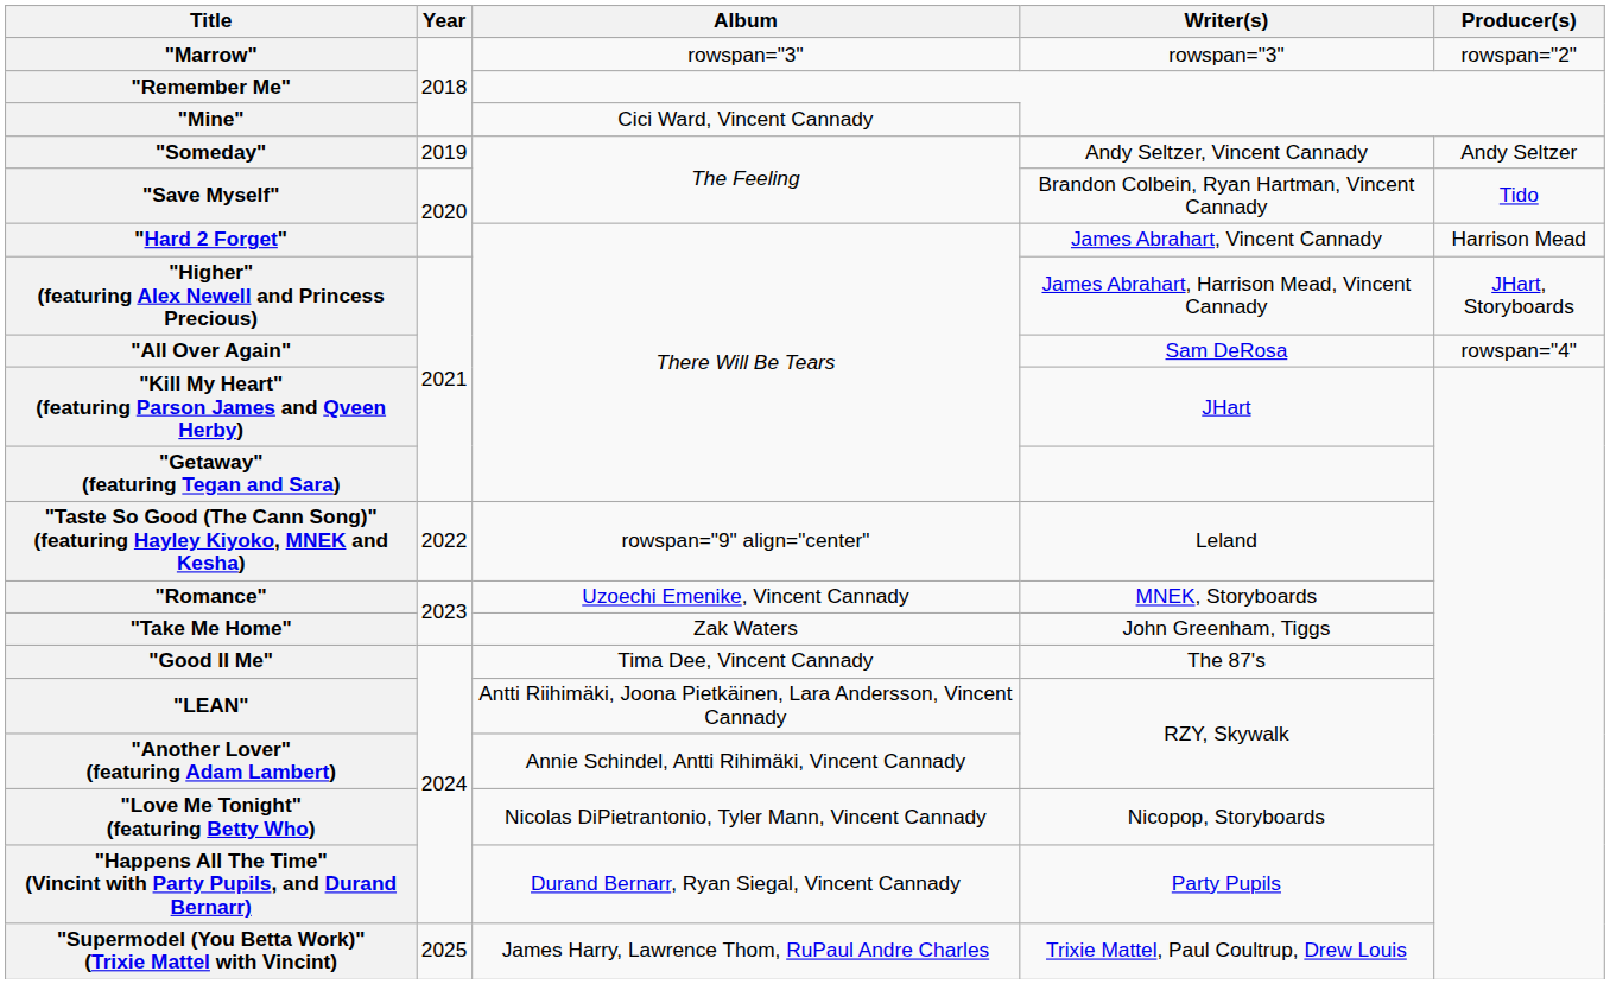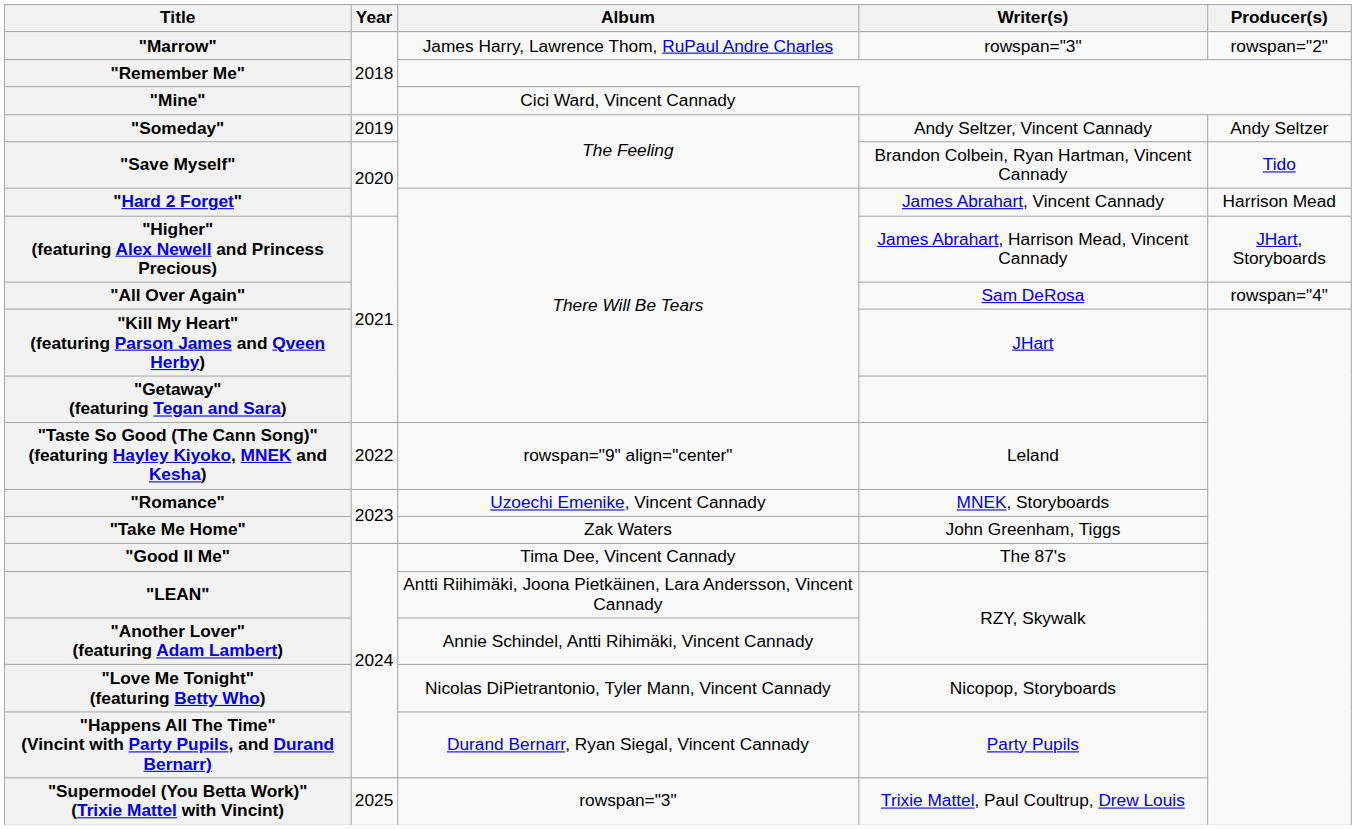 <table class="wikitable plainrowheaders" style="text-align:center;">
 <tr>
 <th scope="col">Title</th>
 <th scope="col">Year</th>
 <th scope="col">Album</th>
 <th>Writer(s)</th>
 <th>Producer(s)</th>
 </tr>
 <tr>
 <th scope="row">"Marrow"</th>
 <td rowspan="3">2018</td>
-<td>rowspan="3" </td>
+<td>James Harry, Lawrence Thom, <a href='#'>RuPaul Andre Charles</a></td>
 <td>rowspan="3" </td>
 <td>rowspan="2" </td>
 </tr>
 <tr>
 <th scope="row">"Remember Me"</th>
 </tr>
 <tr>
 <th scope="row">"Mine"</th>
 <td>Cici Ward, Vincent Cannady</td>
 </tr>
 <tr>
 <th scope="row">"Someday"</th>
 <td>2019</td>
 <td rowspan="2" align="center"><em>The Feeling</em></td>
 <td>Andy Seltzer, Vincent Cannady</td>
 <td>Andy Seltzer</td>
 </tr>
 <tr>
 <th scope="row">"Save Myself"</th>
 <td rowspan="2">2020</td>
 <td>Brandon Colbein, Ryan Hartman, Vincent Cannady</td>
 <td><a href='#'>Tido</a></td>
 </tr>
 <tr>
 <th scope="row">"<a href='#'>Hard 2 Forget</a>"</th>
 <td rowspan="5" align="center"><em>There Will Be Tears</em></td>
 <td><a href='#'>James Abrahart</a>, Vincent Cannady</td>
 <td>Harrison Mead</td>
 </tr>
 <tr>
 <th scope="row">"Higher"<br><span>(featuring <a href='#'>Alex Newell</a> and Princess Precious)</span></th>
 <td rowspan="4">2021</td>
 <td><a href='#'>James Abrahart</a>, Harrison Mead, Vincent Cannady</td>
 <td><a href='#'>JHart</a>, Storyboards</td>
 </tr>
 <tr>
 <th scope="row">"All Over Again"</th>
 <td><a href='#'>Sam DeRosa</a></td>
 <td>rowspan="4" </td>
 </tr>
 <tr>
 <th scope="row">"Kill My Heart"<br><span>(featuring <a href='#'>Parson James</a> and <a href='#'>Qveen Herby</a>)</span></th>
 <td><a href='#'>JHart</a></td>
 </tr>
 <tr>
 <th scope="row">"Getaway"<br><span>(featuring <a href='#'>Tegan and Sara</a>)</span></th>
 <td></td>
 </tr>
 <tr>
 <th scope="row">"Taste So Good (The Cann Song)"<br><span>(featuring <a href='#'>Hayley Kiyoko</a>, <a href='#'>MNEK</a> and <a href='#'>Kesha</a>)</span></th>
 <td>2022</td>
 <td>rowspan="9" align="center" </td>
 <td>Leland</td>
 </tr>
 <tr>
 <th scope="row">"Romance"<br><span></span></th>
 <td rowspan="2">2023</td>
 <td><a href='#'>Uzoechi Emenike</a>, Vincent Cannady</td>
 <td><a href='#'>MNEK</a>, Storyboards</td>
 </tr>
 <tr>
 <th scope="row">"Take Me Home"<br><span></span></th>
 <td>Zak Waters</td>
 <td>John Greenham, Tiggs</td>
 </tr>
 <tr>
 <th scope="row">"Good II Me"<br><span></span></th>
 <td rowspan="5">2024</td>
 <td>Tima Dee, Vincent Cannady</td>
 <td>The 87's</td>
 </tr>
 <tr>
 <th scope="row">"LEAN"<br><span></span></th>
 <td>Antti Riihimäki, Joona Pietkäinen, Lara Andersson, Vincent Cannady</td>
 <td rowspan="2">RZY, Skywalk</td>
 </tr>
 <tr>
 <th scope="row">"Another Lover"<br><span>(featuring <a href='#'>Adam Lambert</a>)</span></th>
 <td>Annie Schindel, Antti Rihimäki, Vincent Cannady</td>
 </tr>
 <tr>
 <th scope="row">"Love Me Tonight"<br><span>(featuring <a href='#'>Betty Who</a>)</span></th>
 <td>Nicolas DiPietrantonio, Tyler Mann, Vincent Cannady</td>
 <td>Nicopop, Storyboards</td>
 </tr>
 <tr>
 <th scope="row">"Happens All The Time"<br><span>(Vincint with <a href='#'>Party Pupils</a>, and <a href='#'>Durand Bernarr)</a></span></th>
 <td><a href='#'>Durand Bernarr</a>, Ryan Siegal, Vincent Cannady</td>
 <td><a href='#'>Party Pupils</a></td>
 </tr>
 <tr>
 <th scope="row">"Supermodel (You Betta Work)"<br><span>(<a href='#'>Trixie Mattel</a> with Vincint)</span></th>
 <td>2025</td>
-<td>James Harry, Lawrence Thom, <a href='#'>RuPaul Andre Charles</a></td>
+<td>rowspan="3" </td>
 <td><a href='#'>Trixie Mattel</a>, Paul Coultrup, <a href='#'>Drew Louis</a></td>
 </tr>
 </table>
